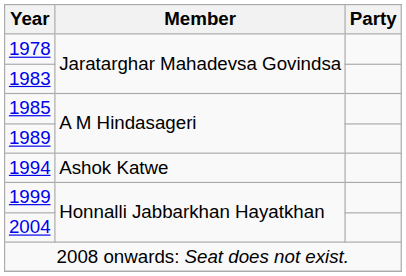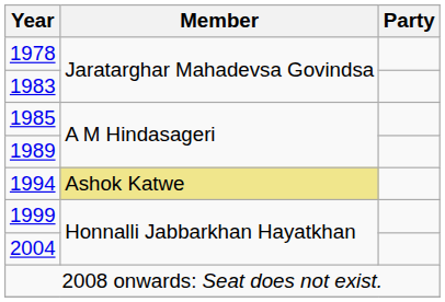 <table class="wikitable sortable">
 <tr>
 <th>Year</th>
 <th>Member</th>
 <th colspan="2">Party</th>
 </tr>
 <tr>
 <td><a href='#'>1978</a></td>
 <td rowspan=2>Jaratarghar Mahadevsa Govindsa</td>
 <td></td>
 </tr>
 <tr>
 <td><a href='#'>1983</a></td>
 <td></td>
 </tr>
 <tr>
 <td><a href='#'>1985</a></td>
 <td rowspan=2>A M Hindasageri</td>
 <td></td>
 </tr>
 <tr>
 <td><a href='#'>1989</a></td>
 </tr>
 <tr>
 <td><a href='#'>1994</a></td>
-<td>Ashok Katwe</td>
+<td style="background: khaki;">Ashok Katwe</td>
 <td></td>
 </tr>
 <tr>
 <td><a href='#'>1999</a></td>
 <td rowspan=2>Honnalli Jabbarkhan Hayatkhan</td>
 <td></td>
 </tr>
 <tr>
 <td><a href='#'>2004</a></td>
 </tr>
 <tr>
 <td colspan=4 align=center>2008 onwards: <em>Seat does not exist.</em></td>
 </tr>
 <tr>
 </tr>
 </table>
